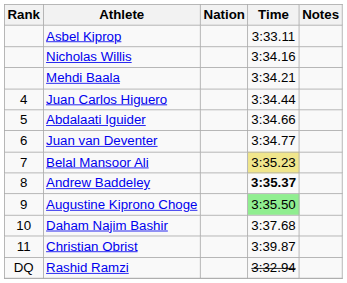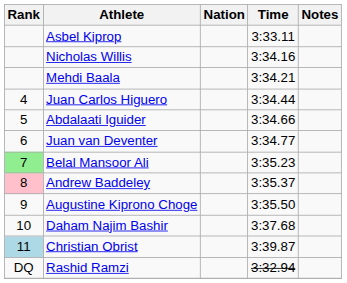 <table class="wikitable sortable" style="text-align:center">
 <tr>
 <th>Rank</th>
 <th>Athlete</th>
 <th>Nation</th>
 <th>Time</th>
 <th>Notes</th>
 </tr>
 <tr>
 <td></td>
 <td align="left"><a href='#'>Asbel Kiprop</a></td>
 <td align="left"></td>
 <td>3:33.11</td>
 <td></td>
 </tr>
 <tr>
 <td></td>
 <td align="left"><a href='#'>Nicholas Willis</a></td>
 <td align="left"></td>
 <td>3:34.16</td>
 <td></td>
 </tr>
 <tr>
 <td></td>
 <td align="left"><a href='#'>Mehdi Baala</a></td>
 <td align="left"></td>
 <td>3:34.21</td>
 <td></td>
 </tr>
 <tr>
 <td>4</td>
 <td align="left"><a href='#'>Juan Carlos Higuero</a></td>
 <td align="left"></td>
 <td>3:34.44</td>
 <td></td>
 </tr>
 <tr>
 <td>5</td>
 <td align="left"><a href='#'>Abdalaati Iguider</a></td>
 <td align="left"></td>
 <td>3:34.66</td>
 <td></td>
 </tr>
 <tr>
 <td>6</td>
 <td align="left"><a href='#'>Juan van Deventer</a></td>
 <td align="left"></td>
 <td>3:34.77</td>
 <td></td>
 </tr>
 <tr>
-<td>7</td>
+<td style="background: lightgreen;">7</td>
 <td align="left"><a href='#'>Belal Mansoor Ali</a></td>
 <td align="left"></td>
-<td style="background: khaki;">3:35.23</td>
+<td>3:35.23</td>
 <td></td>
 </tr>
 <tr>
-<td>8</td>
+<td style="background: pink;">8</td>
 <td align="left"><a href='#'>Andrew Baddeley</a></td>
 <td align="left"></td>
-<td><strong>3:35.37</strong></td>
+<td>3:35.37</td>
 <td></td>
 </tr>
 <tr>
 <td>9</td>
 <td align="left"><a href='#'>Augustine Kiprono Choge</a></td>
 <td align="left"></td>
-<td style="background: lightgreen;">3:35.50</td>
+<td>3:35.50</td>
 <td></td>
 </tr>
 <tr>
 <td>10</td>
 <td align="left"><a href='#'>Daham Najim Bashir</a></td>
 <td align="left"></td>
 <td>3:37.68</td>
 <td></td>
 </tr>
 <tr>
-<td>11</td>
+<td style="background: lightblue;">11</td>
 <td align="left"><a href='#'>Christian Obrist</a></td>
 <td align="left"></td>
 <td>3:39.87</td>
 <td></td>
 </tr>
 <tr>
 <td>DQ</td>
 <td align="left"><a href='#'>Rashid Ramzi</a></td>
 <td align="left"></td>
 <td><s>3:32.94</s></td>
 <td></td>
 </tr>
 <tr>
 </tr>
 </table>
